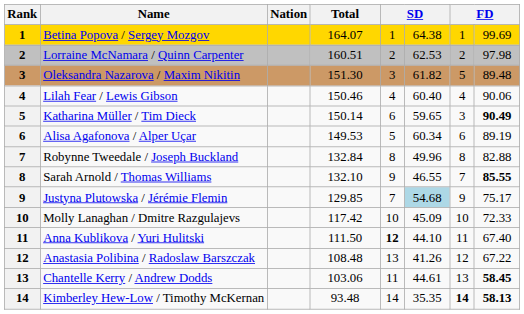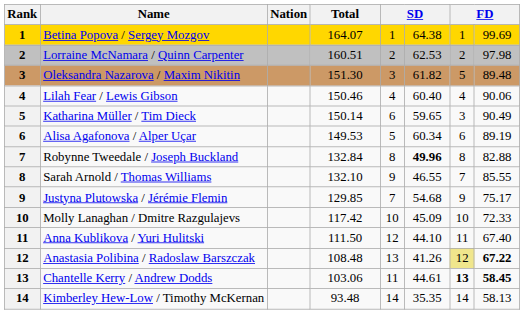 <table class="wikitable sortable">
 <tr>
 <th>Rank</th>
 <th>Name</th>
 <th>Nation</th>
 <th width="80px">Total</th>
 <th colspan="2" width="80px"><a href='#'>SD</a></th>
 <th colspan="2" width="80px"><a href='#'>FD</a></th>
 </tr>
 <tr bgcolor="gold">
 <td align="center"><strong>1</strong></td>
 <td><a href='#'>Betina Popova</a> / <a href='#'>Sergey Mozgov</a></td>
 <td></td>
 <td align="center">164.07</td>
 <td align="center">1</td>
 <td align="center">64.38</td>
 <td align="center">1</td>
 <td align="center">99.69</td>
 </tr>
 <tr bgcolor="silver">
 <td align="center"><strong>2</strong></td>
 <td><a href='#'>Lorraine McNamara</a> / <a href='#'>Quinn Carpenter</a></td>
 <td></td>
 <td align="center">160.51</td>
 <td align="center">2</td>
 <td align="center">62.53</td>
 <td align="center">2</td>
 <td align="center">97.98</td>
 </tr>
 <tr bgcolor="cc9966">
 <td align="center"><strong>3</strong></td>
 <td><a href='#'>Oleksandra Nazarova</a> / <a href='#'>Maxim Nikitin</a></td>
 <td></td>
 <td align="center">151.30</td>
 <td align="center">3</td>
 <td align="center">61.82</td>
 <td align="center">5</td>
 <td align="center">89.48</td>
 </tr>
 <tr>
 <th>4</th>
 <td><a href='#'>Lilah Fear</a> / <a href='#'>Lewis Gibson</a></td>
 <td></td>
 <td align="center">150.46</td>
 <td align="center">4</td>
 <td align="center">60.40</td>
 <td align="center">4</td>
 <td align="center">90.06</td>
 </tr>
 <tr>
 <th>5</th>
 <td><a href='#'>Katharina Müller</a> / <a href='#'>Tim Dieck</a></td>
 <td></td>
 <td align="center">150.14</td>
 <td align="center">6</td>
 <td align="center">59.65</td>
 <td align="center">3</td>
-<td align="center"><strong>90.49</strong></td>
+<td align="center">90.49</td>
 </tr>
 <tr>
 <th>6</th>
 <td><a href='#'>Alisa Agafonova</a> / <a href='#'>Alper Uçar</a></td>
 <td></td>
 <td align="center">149.53</td>
 <td align="center">5</td>
 <td align="center">60.34</td>
 <td align="center">6</td>
 <td align="center">89.19</td>
 </tr>
 <tr>
 <th>7</th>
 <td>Robynne Tweedale / <a href='#'>Joseph Buckland</a></td>
 <td></td>
 <td align="center">132.84</td>
 <td align="center">8</td>
-<td align="center">49.96</td>
+<td align="center"><strong>49.96</strong></td>
 <td align="center">8</td>
 <td align="center">82.88</td>
 </tr>
 <tr>
 <th>8</th>
 <td>Sarah Arnold / <a href='#'>Thomas Williams</a></td>
 <td></td>
 <td align="center">132.10</td>
 <td align="center">9</td>
 <td align="center">46.55</td>
 <td align="center">7</td>
-<td align="center"><strong>85.55</strong></td>
+<td align="center">85.55</td>
 </tr>
 <tr>
 <th>9</th>
 <td><a href='#'>Justyna Plutowska</a> / <a href='#'>Jérémie Flemin</a></td>
 <td></td>
 <td align="center">129.85</td>
 <td align="center">7</td>
-<td align="center" style="background: lightblue;">54.68</td>
+<td align="center">54.68</td>
 <td align="center">9</td>
 <td align="center">75.17</td>
 </tr>
 <tr>
 <th>10</th>
 <td>Molly Lanaghan / Dmitre Razgulajevs</td>
 <td></td>
 <td align="center">117.42</td>
 <td align="center">10</td>
 <td align="center">45.09</td>
 <td align="center">10</td>
 <td align="center">72.33</td>
 </tr>
 <tr>
 <th>11</th>
 <td><a href='#'>Anna Kublikova</a> / <a href='#'>Yuri Hulitski</a></td>
 <td></td>
 <td align="center">111.50</td>
-<td align="center"><strong>12</strong></td>
+<td align="center">12</td>
 <td align="center">44.10</td>
 <td align="center">11</td>
 <td align="center">67.40</td>
 </tr>
 <tr>
 <th>12</th>
 <td><a href='#'>Anastasia Polibina</a> / <a href='#'>Radoslaw Barszczak</a></td>
 <td></td>
 <td align="center">108.48</td>
 <td align="center">13</td>
 <td align="center">41.26</td>
-<td align="center">12</td>
-<td align="center">67.22</td>
+<td align="center" style="background: khaki;">12</td>
+<td align="center"><strong>67.22</strong></td>
 </tr>
 <tr>
 <th>13</th>
 <td><a href='#'>Chantelle Kerry</a> / <a href='#'>Andrew Dodds</a></td>
 <td></td>
 <td align="center">103.06</td>
 <td align="center">11</td>
 <td align="center">44.61</td>
-<td align="center">13</td>
+<td align="center"><strong>13</strong></td>
 <td align="center"><strong>58.45</strong></td>
 </tr>
 <tr>
 <th>14</th>
 <td><a href='#'>Kimberley Hew-Low</a> / Timothy McKernan</td>
 <td></td>
 <td align="center">93.48</td>
 <td align="center">14</td>
 <td align="center">35.35</td>
-<td align="center"><strong>14</strong></td>
-<td align="center"><strong>58.13</strong></td>
+<td align="center">14</td>
+<td align="center">58.13</td>
 </tr>
 </table>
